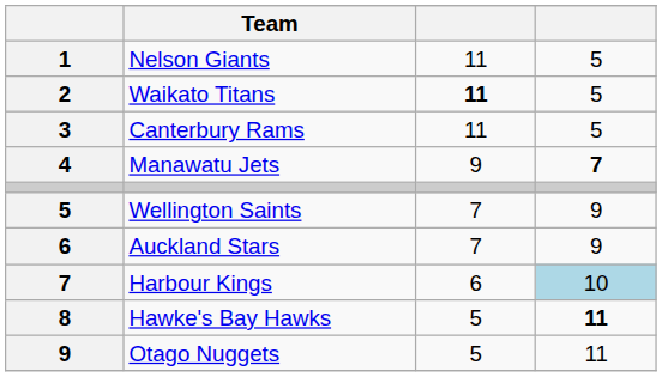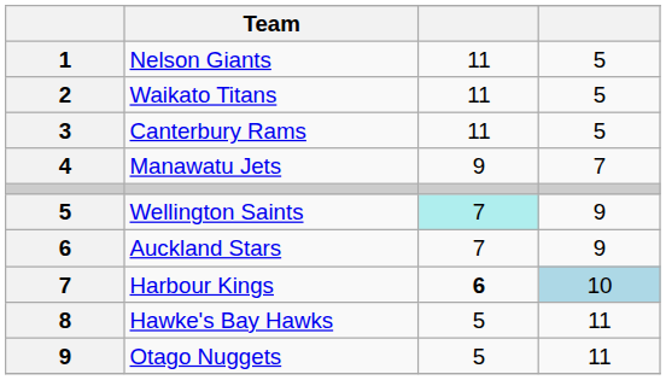 <table class="wikitable" width="35%" style="font-size:95%; text-align:center">
 <tr>
 <th width="5%" rowspan=2></th>
 </tr>
 <tr>
 <th width="10%">Team</th>
 <th width="5%"></th>
 <th width="5%"></th>
 </tr>
 <tr>
 <th>1</th>
 <td align=left><a href='#'>Nelson Giants</a></td>
 <td>11</td>
 <td>5</td>
 </tr>
 <tr>
 <th>2</th>
 <td align=left><a href='#'>Waikato Titans</a></td>
-<td><strong>11</strong></td>
+<td>11</td>
 <td>5</td>
 </tr>
 <tr>
 <th>3</th>
 <td align=left><a href='#'>Canterbury Rams</a></td>
 <td>11</td>
 <td>5</td>
 </tr>
 <tr>
 <th>4</th>
 <td align=left><a href='#'>Manawatu Jets</a></td>
 <td>9</td>
-<td><strong>7</strong></td>
+<td>7</td>
 </tr>
 <tr bgcolor="#cccccc">
 <td></td>
 <td></td>
 <td></td>
 <td></td>
 </tr>
 <tr>
 <th>5</th>
 <td align=left><a href='#'>Wellington Saints</a></td>
-<td>7</td>
+<td style="background: paleturquoise;">7</td>
 <td>9</td>
 </tr>
 <tr>
 <th>6</th>
 <td align=left><a href='#'>Auckland Stars</a></td>
 <td>7</td>
 <td>9</td>
 </tr>
 <tr>
 <th>7</th>
 <td align=left><a href='#'>Harbour Kings</a></td>
-<td>6</td>
+<td><strong>6</strong></td>
 <td style="background: lightblue;">10</td>
 </tr>
 <tr>
 <th>8</th>
 <td align=left><a href='#'>Hawke's Bay Hawks</a></td>
 <td>5</td>
-<td><strong>11</strong></td>
+<td>11</td>
 </tr>
 <tr>
 <th>9</th>
 <td align=left><a href='#'>Otago Nuggets</a></td>
 <td>5</td>
 <td>11</td>
 </tr>
 <tr>
 </tr>
 </table>
